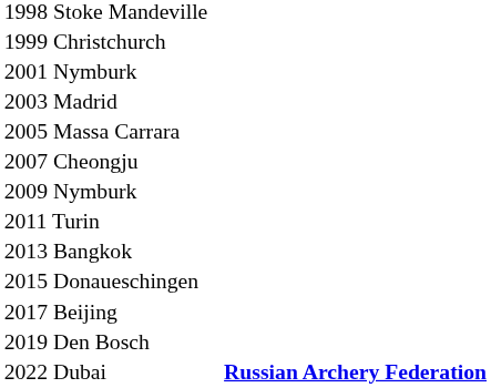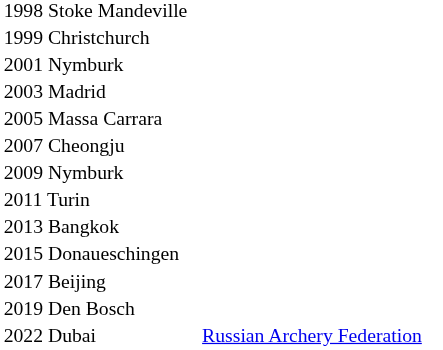 <table>
 <tr>
 <td>1998 Stoke Mandeville</td>
 <td></td>
 <td></td>
 <td></td>
 </tr>
 <tr>
 <td>1999 Christchurch</td>
 <td></td>
 <td></td>
 <td></td>
 </tr>
 <tr>
 <td>2001 Nymburk</td>
 <td></td>
 <td></td>
 <td></td>
 </tr>
 <tr>
 <td>2003 Madrid</td>
 <td></td>
 <td></td>
 <td></td>
 </tr>
 <tr>
 <td>2005 Massa Carrara</td>
 <td></td>
 <td></td>
 <td></td>
 </tr>
 <tr>
 <td>2007 Cheongju</td>
 <td></td>
 <td></td>
 <td></td>
 </tr>
 <tr>
 <td>2009 Nymburk</td>
 <td></td>
 <td></td>
 <td></td>
 </tr>
 <tr>
 <td>2011 Turin</td>
 <td></td>
 <td></td>
 <td></td>
 </tr>
 <tr>
 <td>2013 Bangkok</td>
 <td></td>
 <td></td>
 <td></td>
 </tr>
 <tr>
 <td>2015 Donaueschingen</td>
 <td></td>
 <td></td>
 <td></td>
 </tr>
 <tr>
 <td>2017 Beijing</td>
 <td></td>
 <td></td>
 <td></td>
 </tr>
 <tr>
 <td>2019 Den Bosch</td>
 <td></td>
 <td></td>
 <td></td>
 </tr>
 <tr>
 <td>2022 Dubai</td>
 <td></td>
 <td></td>
-<td><strong><a href='#'>Russian Archery Federation</a></strong></td>
+<td><a href='#'>Russian Archery Federation</a></td>
 </tr>
 </table>
